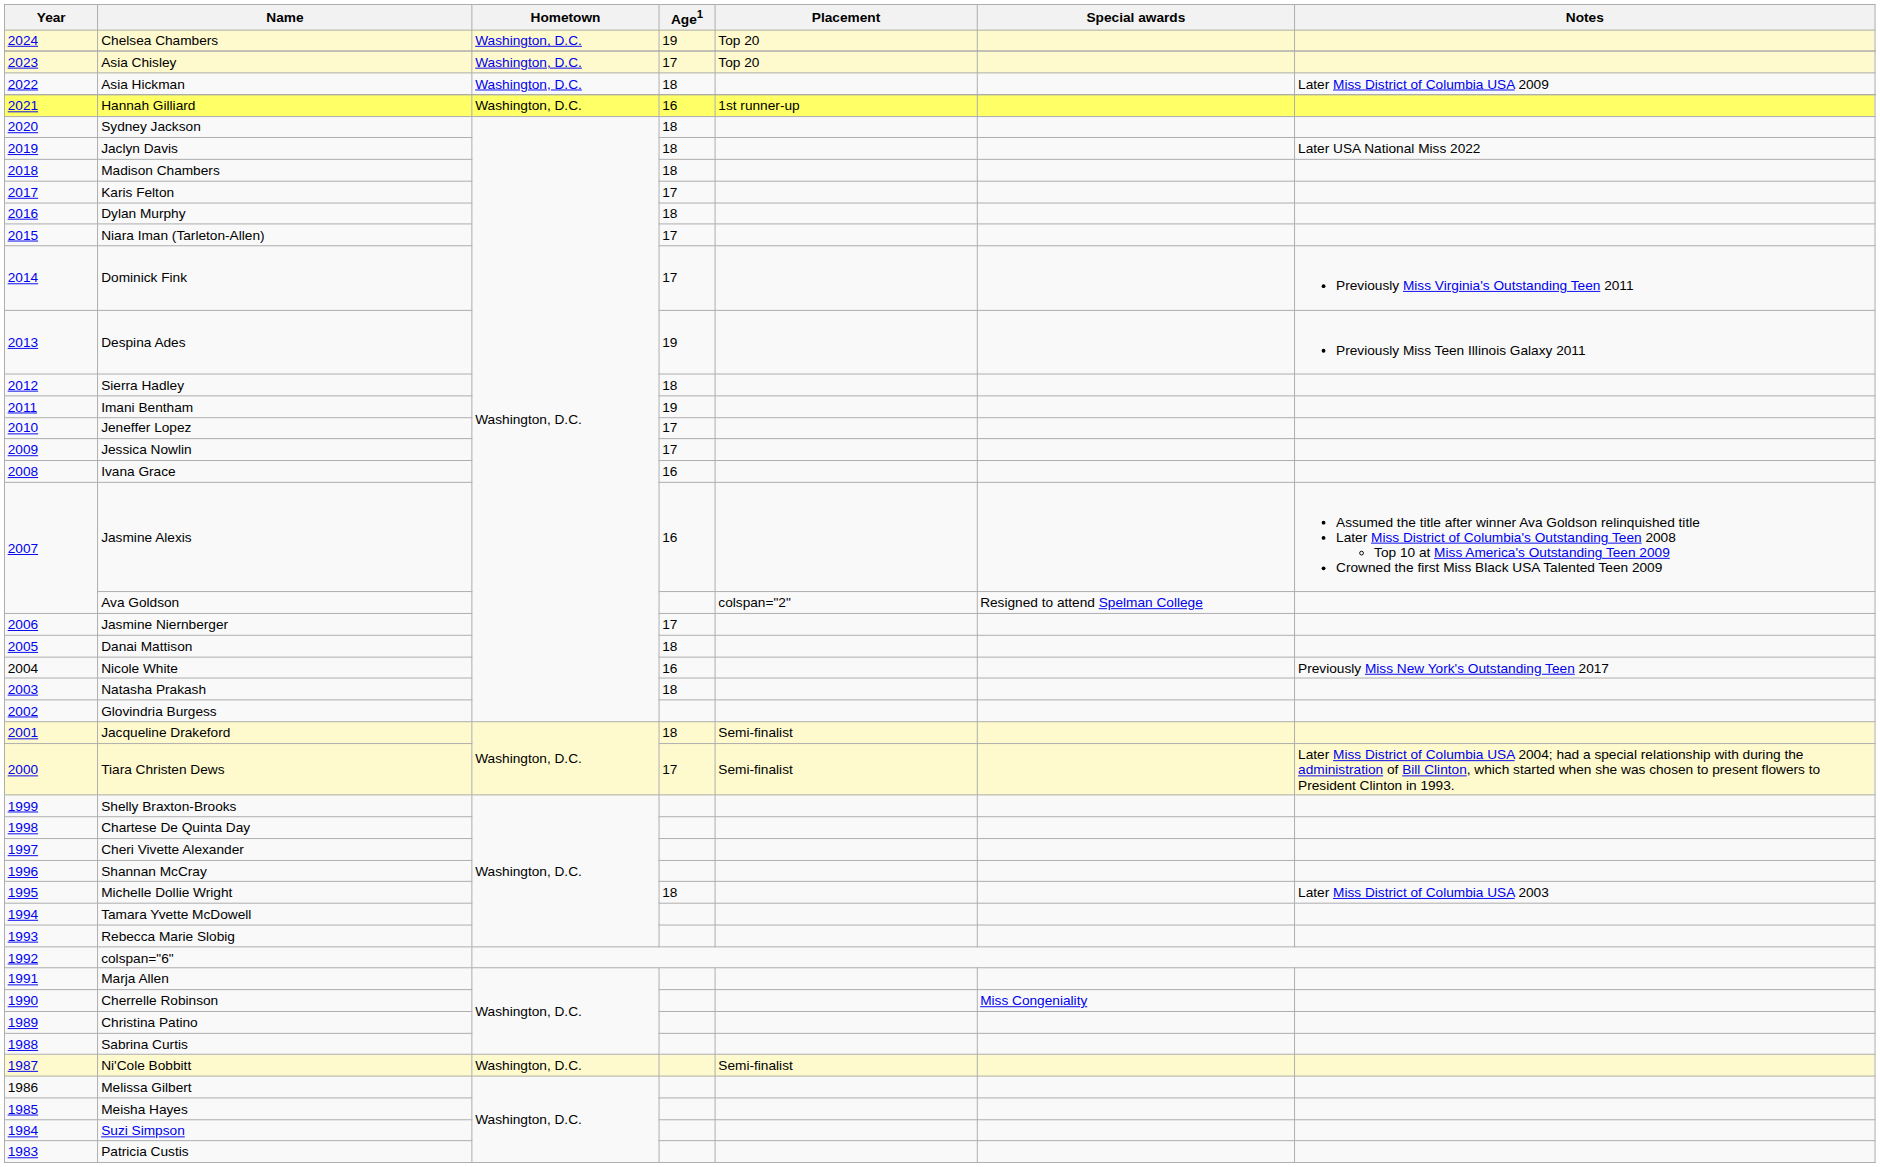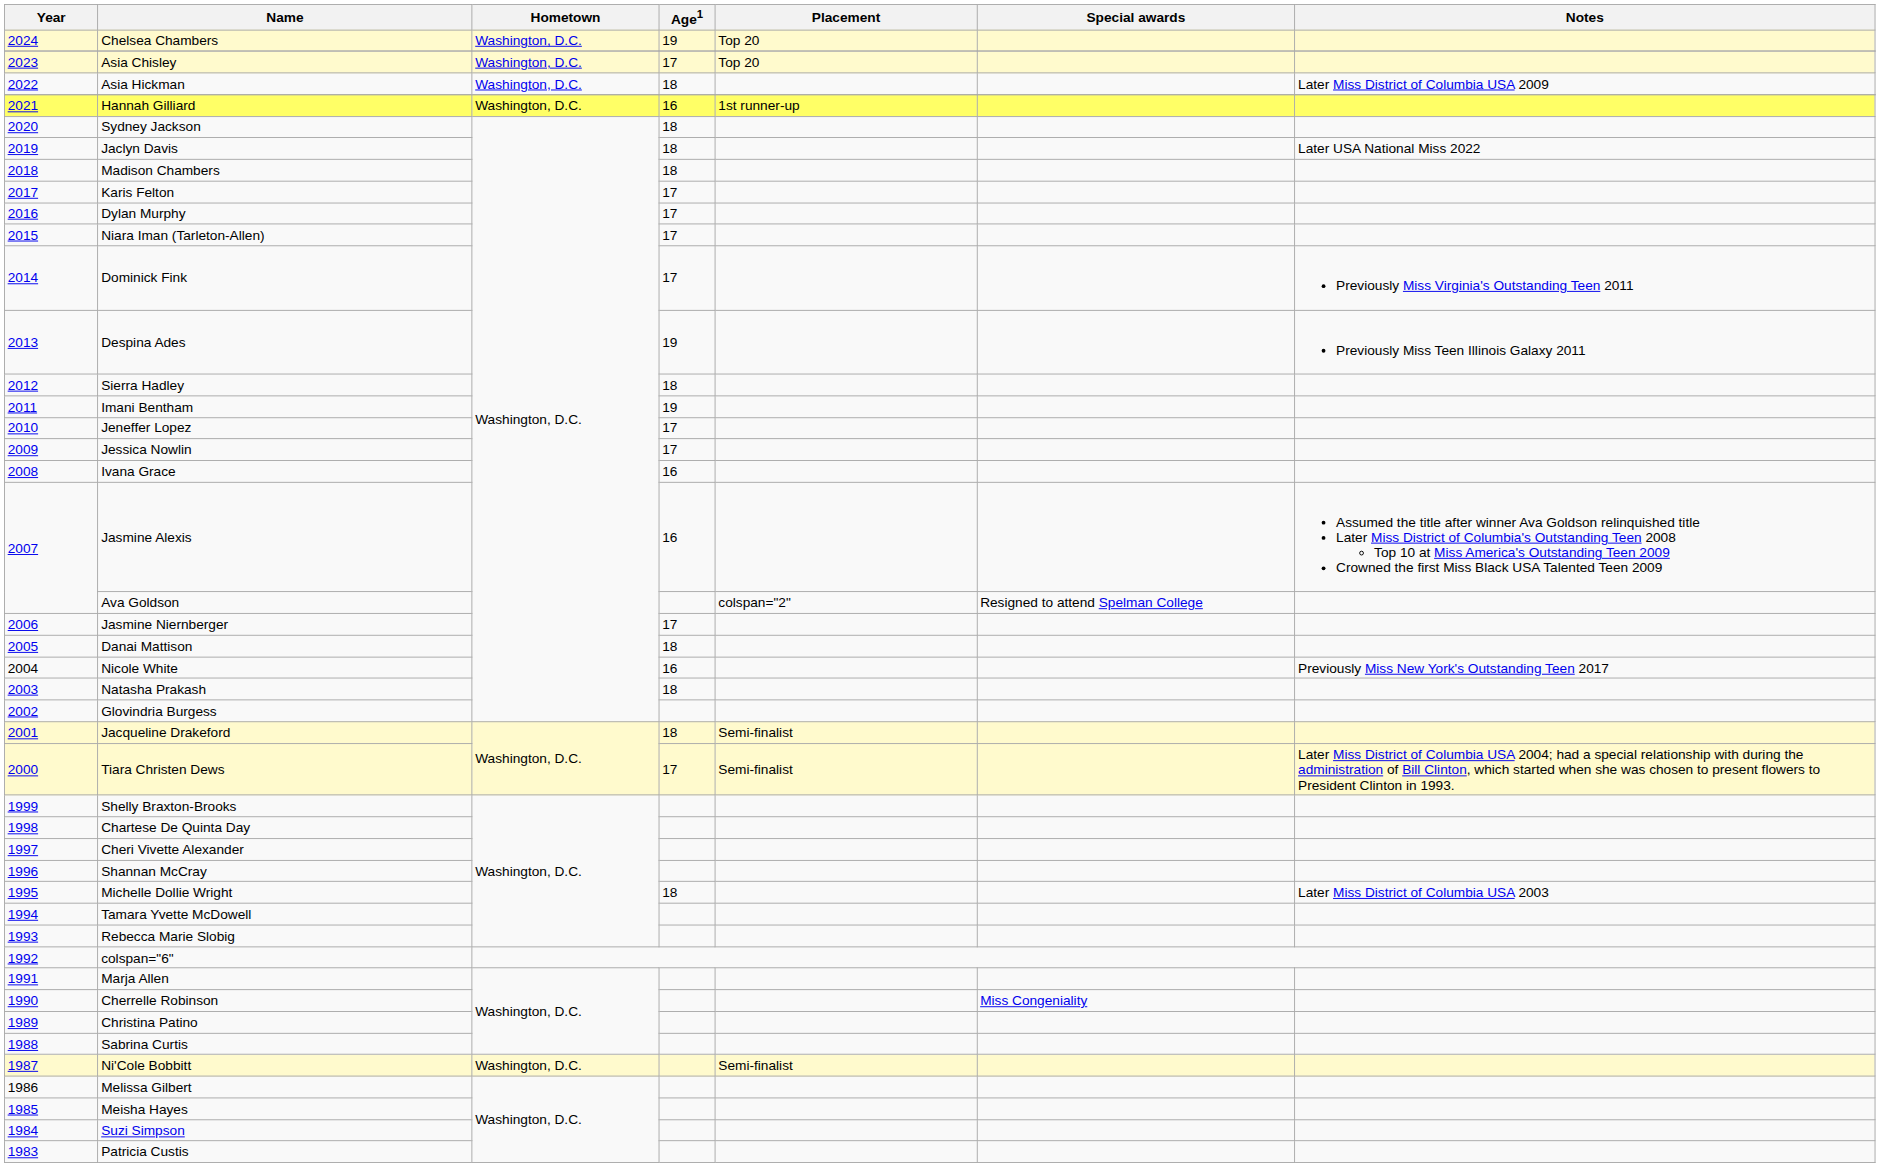 <table class="wikitable sortable" style="font-size:90%;">
 <tr bgcolor="#efefef">
 <th width=5%>Year</th>
 <th width=20%>Name</th>
 <th width=10%>Hometown</th>
 <th width=3%>Age<sup>1</sup></th>
 <th width=14%>Placement</th>
 <th width=17%>Special awards</th>
 <th width=31%>Notes</th>
 </tr>
 <tr style="background-color:#FFFACD;">
 <td><a href='#'>2024</a></td>
 <td>Chelsea Chambers</td>
 <td><a href='#'>Washington, D.C.</a></td>
 <td>19</td>
 <td>Top 20</td>
 <td></td>
 <td></td>
 </tr>
 <tr>
 </tr>
 <tr style="background-color:#FFFACD;">
 <td><a href='#'>2023</a></td>
 <td>Asia Chisley</td>
 <td><a href='#'>Washington, D.C.</a></td>
 <td>17</td>
 <td>Top 20</td>
 <td></td>
 <td></td>
 </tr>
 <tr>
 <td><a href='#'>2022</a></td>
 <td>Asia Hickman</td>
 <td><a href='#'>Washington, D.C.</a></td>
 <td>18</td>
 <td></td>
 <td></td>
 <td>Later <a href='#'>Miss District of Columbia USA</a> 2009</td>
 </tr>
 <tr>
 </tr>
 <tr style="background-color:#FFFF66">
 <td><a href='#'>2021</a></td>
 <td>Hannah Gilliard</td>
 <td>Washington, D.C.</td>
 <td>16</td>
 <td>1st runner-up</td>
 <td></td>
 <td></td>
 </tr>
 <tr>
 <td><a href='#'>2020</a></td>
 <td>Sydney Jackson</td>
 <td rowspan="20">Washington, D.C.</td>
 <td>18</td>
 <td></td>
 <td></td>
 <td></td>
 </tr>
 <tr>
 <td><a href='#'>2019</a></td>
 <td>Jaclyn Davis</td>
 <td>18</td>
 <td></td>
 <td></td>
 <td>Later USA National Miss 2022</td>
 </tr>
 <tr>
 <td><a href='#'>2018</a></td>
 <td>Madison Chambers</td>
 <td>18</td>
 <td></td>
 <td></td>
 <td></td>
 </tr>
 <tr>
 <td><a href='#'>2017</a></td>
 <td>Karis Felton</td>
 <td>17</td>
 <td></td>
 <td></td>
 <td></td>
 </tr>
 <tr>
 <td><a href='#'>2016</a></td>
 <td>Dylan Murphy</td>
-<td>18</td>
+<td>17</td>
 <td></td>
 <td></td>
 <td></td>
 </tr>
 <tr>
 <td><a href='#'>2015</a></td>
 <td>Niara Iman (Tarleton-Allen)</td>
 <td>17</td>
 <td></td>
 <td></td>
 <td></td>
 </tr>
 <tr>
 <td><a href='#'>2014</a></td>
 <td>Dominick Fink</td>
 <td>17</td>
 <td></td>
 <td></td>
 <td><br><ul><li>Previously <a href='#'>Miss Virginia's Outstanding Teen</a> 2011</li></ul></td>
 </tr>
 <tr>
 <td><a href='#'>2013</a></td>
 <td>Despina Ades</td>
 <td>19</td>
 <td></td>
 <td></td>
 <td><br><ul><li>Previously Miss Teen Illinois Galaxy 2011</li></ul></td>
 </tr>
 <tr>
 <td><a href='#'>2012</a></td>
 <td>Sierra Hadley</td>
 <td>18</td>
 <td></td>
 <td></td>
 <td></td>
 </tr>
 <tr>
 <td><a href='#'>2011</a></td>
 <td>Imani Bentham</td>
 <td>19</td>
 <td></td>
 <td></td>
 </tr>
 <tr>
 <td><a href='#'>2010</a></td>
 <td>Jeneffer Lopez</td>
 <td>17</td>
 <td></td>
 <td></td>
 <td></td>
 </tr>
 <tr>
 <td><a href='#'>2009</a></td>
 <td>Jessica Nowlin</td>
 <td>17</td>
 <td></td>
 <td></td>
 <td></td>
 </tr>
 <tr>
 <td><a href='#'>2008</a></td>
 <td>Ivana Grace</td>
 <td>16</td>
 <td></td>
 <td></td>
 <td></td>
 </tr>
 <tr>
 <td rowspan=2><a href='#'>2007</a></td>
 <td>Jasmine Alexis</td>
 <td>16</td>
 <td></td>
 <td></td>
 <td><br><ul><li>Assumed the title after winner Ava Goldson relinquished title</li><li>Later <a href='#'>Miss District of Columbia's Outstanding Teen</a> 2008<ul><li>Top 10 at <a href='#'>Miss America's Outstanding Teen 2009</a></li></ul></li><li>Crowned the first Miss Black USA Talented Teen 2009</li></ul></td>
 </tr>
 <tr>
 <td>Ava Goldson</td>
 <td></td>
 <td>colspan="2" </td>
 <td>Resigned to attend <a href='#'>Spelman College</a></td>
 </tr>
 <tr>
 <td><a href='#'>2006</a></td>
 <td>Jasmine Niernberger</td>
 <td>17</td>
 <td></td>
 <td></td>
 <td></td>
 </tr>
 <tr>
 <td><a href='#'>2005</a></td>
 <td>Danai Mattison</td>
 <td>18</td>
 <td></td>
 <td></td>
 <td></td>
 </tr>
 <tr>
 <td>2004</td>
 <td>Nicole White</td>
 <td>16</td>
 <td></td>
 <td></td>
 <td>Previously <a href='#'>Miss New York's Outstanding Teen</a> 2017</td>
 </tr>
 <tr>
 <td><a href='#'>2003</a></td>
 <td>Natasha Prakash</td>
 <td>18</td>
 <td></td>
 <td></td>
 <td></td>
 </tr>
 <tr>
 <td><a href='#'>2002</a></td>
 <td>Glovindria Burgess</td>
 <td></td>
 <td></td>
 <td></td>
 <td></td>
 </tr>
 <tr style="background-color:#FFFACD;">
 <td><a href='#'>2001</a></td>
 <td>Jacqueline Drakeford</td>
 <td rowspan="2">Washington, D.C.</td>
 <td>18</td>
 <td>Semi-finalist</td>
 <td></td>
 <td></td>
 </tr>
 <tr style="background-color:#FFFACD;">
 <td><a href='#'>2000</a></td>
 <td>Tiara Christen Dews</td>
 <td>17</td>
 <td>Semi-finalist</td>
 <td></td>
 <td>Later <a href='#'>Miss District of Columbia USA</a> 2004; had a special relationship with during the <a href='#'>administration</a> of <a href='#'>Bill Clinton</a>, which started when she was chosen to present flowers to President Clinton in 1993.</td>
 </tr>
 <tr>
 <td><a href='#'>1999</a></td>
 <td>Shelly Braxton-Brooks</td>
 <td rowspan="7">Washington, D.C.</td>
 <td></td>
 <td></td>
 <td></td>
 <td></td>
 </tr>
 <tr>
 <td><a href='#'>1998</a></td>
 <td>Chartese De Quinta Day</td>
 <td></td>
 <td></td>
 <td></td>
 <td></td>
 </tr>
 <tr>
 <td><a href='#'>1997</a></td>
 <td>Cheri Vivette Alexander</td>
 <td></td>
 <td></td>
 <td></td>
 <td></td>
 </tr>
 <tr>
 <td><a href='#'>1996</a></td>
 <td>Shannan McCray</td>
 <td></td>
 <td></td>
 <td></td>
 <td></td>
 </tr>
 <tr>
 <td><a href='#'>1995</a></td>
 <td>Michelle Dollie Wright</td>
 <td>18</td>
 <td></td>
 <td></td>
 <td>Later <a href='#'>Miss District of Columbia USA</a> 2003</td>
 </tr>
 <tr>
 <td><a href='#'>1994</a></td>
 <td>Tamara Yvette McDowell</td>
 <td></td>
 <td></td>
 <td></td>
 <td></td>
 </tr>
 <tr>
 <td><a href='#'>1993</a></td>
 <td>Rebecca Marie Slobig</td>
 <td></td>
 <td></td>
 <td></td>
 <td></td>
 </tr>
 <tr>
 <td><a href='#'>1992</a></td>
 <td>colspan="6" </td>
 </tr>
 <tr>
 <td><a href='#'>1991</a></td>
 <td>Marja Allen</td>
 <td rowspan="4">Washington, D.C.</td>
 <td></td>
 <td></td>
 <td></td>
 <td></td>
 </tr>
 <tr>
 <td><a href='#'>1990</a></td>
 <td>Cherrelle Robinson</td>
 <td></td>
 <td></td>
 <td><a href='#'>Miss Congeniality</a></td>
 <td></td>
 </tr>
 <tr>
 <td><a href='#'>1989</a></td>
 <td>Christina Patino</td>
 <td></td>
 <td></td>
 <td></td>
 <td></td>
 </tr>
 <tr>
 <td><a href='#'>1988</a></td>
 <td>Sabrina Curtis</td>
 <td></td>
 <td></td>
 <td></td>
 <td></td>
 </tr>
 <tr style="background-color:#FFFACD;">
 <td><a href='#'>1987</a></td>
 <td>Ni'Cole Bobbitt</td>
 <td>Washington, D.C.</td>
 <td></td>
 <td>Semi-finalist</td>
 <td></td>
 <td></td>
 </tr>
 <tr>
 <td>1986</td>
 <td>Melissa Gilbert</td>
 <td rowspan="4">Washington, D.C.</td>
 <td></td>
 <td></td>
 <td></td>
 <td></td>
 </tr>
 <tr>
 <td><a href='#'>1985</a></td>
 <td>Meisha Hayes</td>
 <td></td>
 <td></td>
 <td></td>
 <td></td>
 </tr>
 <tr>
 <td><a href='#'>1984</a></td>
 <td><a href='#'>Suzi Simpson</a></td>
 <td></td>
 <td></td>
 <td></td>
 </tr>
 <tr>
 <td><a href='#'>1983</a></td>
 <td>Patricia Custis</td>
 <td></td>
 <td></td>
 <td></td>
 <td></td>
 </tr>
 </table>
